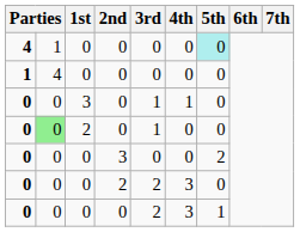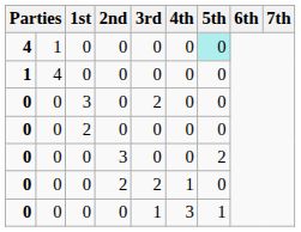 <table class="wikitable" style="text-align:right;">
 <tr>
 <th colspan=2 style="text-align:left;">Parties</th>
 <th>1st</th>
 <th>2nd</th>
 <th>3rd</th>
 <th>4th</th>
 <th>5th</th>
 <th>6th</th>
 <th>7th</th>
 </tr>
 <tr>
 <td><strong>4</strong></td>
 <td>1</td>
 <td>0</td>
 <td>0</td>
 <td>0</td>
 <td>0</td>
 <td style="background: paleturquoise;">0</td>
 </tr>
 <tr>
 <td><strong>1</strong></td>
 <td>4</td>
 <td>0</td>
 <td>0</td>
 <td>0</td>
 <td>0</td>
 <td>0</td>
 </tr>
 <tr>
 <td><strong>0</strong></td>
 <td>0</td>
 <td>3</td>
 <td>0</td>
-<td>1</td>
-<td>1</td>
+<td>2</td>
+<td>0</td>
 <td>0</td>
 </tr>
 <tr>
 <td><strong>0</strong></td>
-<td style="background: lightgreen;">0</td>
+<td>0</td>
 <td>2</td>
 <td>0</td>
-<td>1</td>
+<td>0</td>
 <td>0</td>
 <td>0</td>
 </tr>
 <tr>
 <td><strong>0</strong></td>
 <td>0</td>
 <td>0</td>
 <td>3</td>
 <td>0</td>
 <td>0</td>
 <td>2</td>
 </tr>
 <tr>
 <td><strong>0</strong></td>
 <td>0</td>
 <td>0</td>
 <td>2</td>
 <td>2</td>
-<td>3</td>
+<td>1</td>
 <td>0</td>
 </tr>
 <tr>
 <td><strong>0</strong></td>
 <td>0</td>
 <td>0</td>
 <td>0</td>
-<td>2</td>
+<td>1</td>
 <td>3</td>
 <td>1</td>
 </tr>
 </table>
